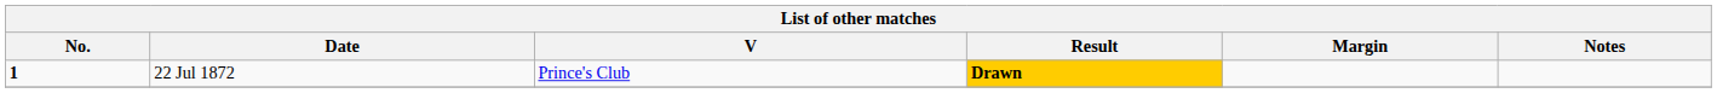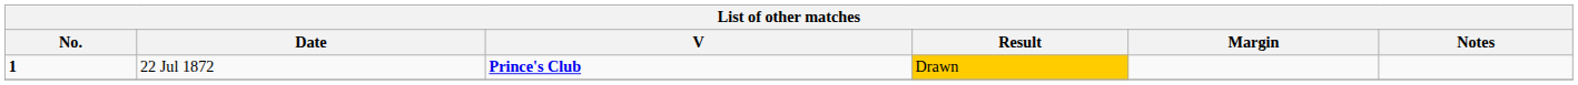 <table class="wikitable" width="100%">
 <tr>
 <th bgcolor="#efefef" colspan=6>List of other matches</th>
 </tr>
 <tr bgcolor="#efefef">
 <th>No.</th>
 <th>Date</th>
 <th>V</th>
 <th>Result</th>
 <th>Margin</th>
 <th>Notes</th>
 </tr>
 <tr>
 <td><strong>1</strong></td>
 <td>22 Jul 1872</td>
-<td><a href='#'>Prince's Club</a> <br> </td>
-<td bgcolor="#FFCC00"><strong>Drawn</strong></td>
+<td><strong><a href='#'>Prince's Club</a> <br> </strong></td>
+<td bgcolor="#FFCC00">Drawn</td>
 <td></td>
 <td></td>
 </tr>
 <tr>
 </tr>
 </table>
